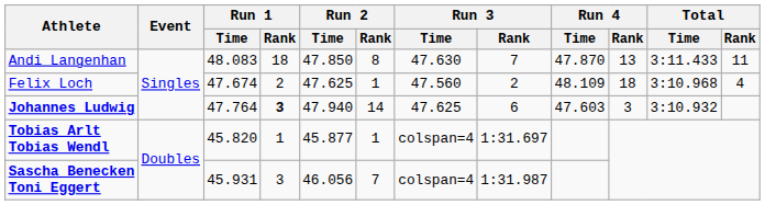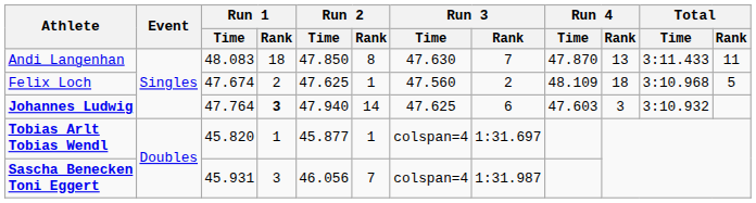 <table class="wikitable" style="font-size:90%">
 <tr>
 <th rowspan="2">Athlete</th>
 <th rowspan="2">Event</th>
 <th colspan=2>Run 1</th>
 <th colspan=2>Run 2</th>
 <th colspan=2>Run 3</th>
 <th colspan=2>Run 4</th>
 <th colspan=2>Total</th>
 </tr>
 <tr style="font-size:95%">
 <th>Time</th>
 <th>Rank</th>
 <th>Time</th>
 <th>Rank</th>
 <th>Time</th>
 <th>Rank</th>
 <th>Time</th>
 <th>Rank</th>
 <th>Time</th>
 <th>Rank</th>
 </tr>
 <tr align=center>
 <td align=left><a href='#'>Andi Langenhan</a></td>
 <td align=left rowspan="3"><a href='#'>Singles</a></td>
 <td>48.083</td>
 <td>18</td>
 <td>47.850</td>
 <td>8</td>
 <td>47.630</td>
 <td>7</td>
 <td>47.870</td>
 <td>13</td>
 <td>3:11.433</td>
 <td>11</td>
 </tr>
 <tr align=center>
 <td align=left><a href='#'>Felix Loch</a></td>
 <td>47.674</td>
 <td>2</td>
 <td>47.625</td>
 <td>1</td>
 <td>47.560</td>
 <td>2</td>
 <td>48.109</td>
 <td>18</td>
 <td>3:10.968</td>
-<td>4</td>
+<td>5</td>
 </tr>
 <tr align=center>
 <td align=left><strong><a href='#'>Johannes Ludwig</a></strong></td>
 <td>47.764</td>
 <td><strong>3</strong></td>
 <td>47.940</td>
 <td>14</td>
 <td>47.625</td>
 <td>6</td>
 <td>47.603</td>
 <td>3</td>
 <td>3:10.932</td>
 <td></td>
 </tr>
 <tr align=center>
 <td align=left><strong><a href='#'>Tobias Arlt</a><br><a href='#'>Tobias Wendl</a></strong></td>
 <td align=left rowspan=2><a href='#'>Doubles</a></td>
 <td>45.820</td>
 <td>1</td>
 <td>45.877</td>
 <td>1</td>
 <td>colspan=4 </td>
 <td>1:31.697</td>
 <td></td>
 </tr>
 <tr align=center>
 <td align=left><strong><a href='#'>Sascha Benecken</a><br><a href='#'>Toni Eggert</a></strong></td>
 <td>45.931</td>
 <td>3</td>
 <td>46.056</td>
 <td>7</td>
 <td>colspan=4 </td>
 <td>1:31.987</td>
 <td></td>
 </tr>
 </table>
